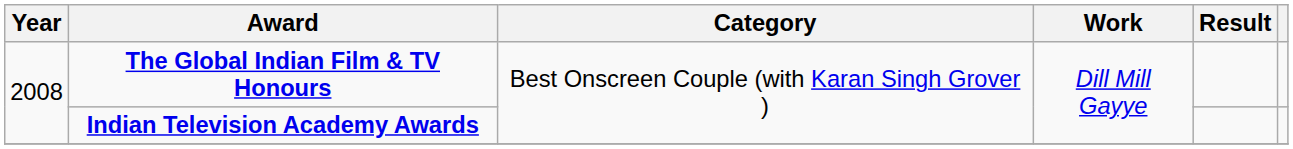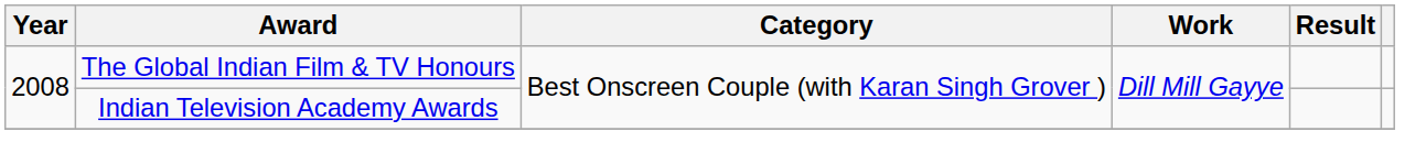 <table class="wikitable" style="text-align:center">
 <tr>
 <th>Year</th>
 <th>Award</th>
 <th>Category</th>
 <th>Work</th>
 <th>Result</th>
 <th class="unsortable"></th>
 </tr>
 <tr>
 <td rowspan="2">2008</td>
-<td><strong><a href='#'>The Global Indian Film & TV Honours</a></strong></td>
+<td><a href='#'>The Global Indian Film & TV Honours</a></td>
 <td rowspan="2">Best Onscreen Couple (with <a href='#'>Karan Singh Grover </a>)</td>
 <td rowspan="2"><em><a href='#'>Dill Mill Gayye</a></em></td>
 <td></td>
 <td></td>
 </tr>
 <tr>
-<td><strong><a href='#'>Indian Television Academy Awards</a></strong></td>
+<td><a href='#'>Indian Television Academy Awards</a></td>
 <td></td>
 <td></td>
 </tr>
 <tr>
 </tr>
 </table>
